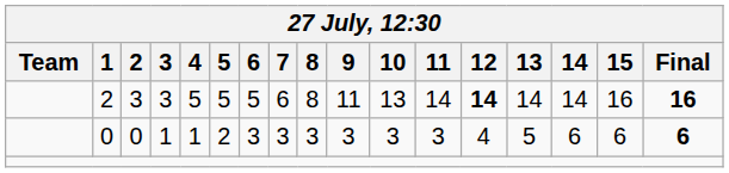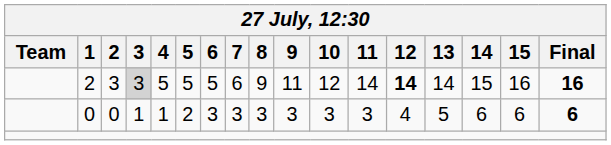 <table class=wikitable style="text-align:center; width: 55%">
 <tr>
 <th colspan=17><em>27 July, 12:30</em></th>
 </tr>
 <tr>
 <th>Team</th>
 <th>1</th>
 <th>2</th>
 <th>3</th>
 <th>4</th>
 <th>5</th>
 <th>6</th>
 <th>7</th>
 <th>8</th>
 <th>9</th>
 <th>10</th>
 <th>11</th>
 <th>12</th>
 <th>13</th>
 <th>14</th>
 <th>15</th>
 <th>Final</th>
 </tr>
 <tr>
 <td align=left><strong></strong></td>
 <td>2</td>
 <td>3</td>
-<td>3</td>
+<td style="background: lightgrey;">3</td>
 <td>5</td>
 <td>5</td>
 <td>5</td>
 <td>6</td>
-<td>8</td>
+<td>9</td>
 <td>11</td>
-<td>13</td>
+<td>12</td>
 <td>14</td>
 <td><strong>14</strong></td>
 <td>14</td>
-<td>14</td>
+<td>15</td>
 <td>16</td>
 <td><strong>16</strong></td>
 </tr>
 <tr>
 <td align=left></td>
 <td>0</td>
 <td>0</td>
 <td>1</td>
 <td>1</td>
 <td>2</td>
 <td>3</td>
 <td>3</td>
 <td>3</td>
 <td>3</td>
 <td>3</td>
 <td>3</td>
 <td>4</td>
 <td>5</td>
 <td>6</td>
 <td>6</td>
 <td><strong>6</strong></td>
 </tr>
 <tr>
 <td colspan=17></td>
 </tr>
 </table>
